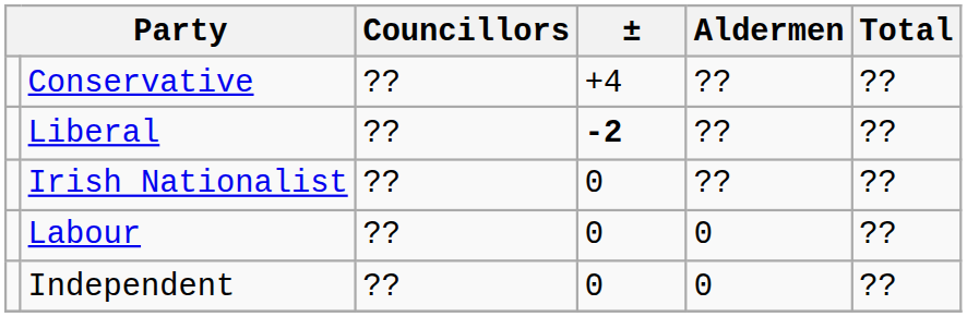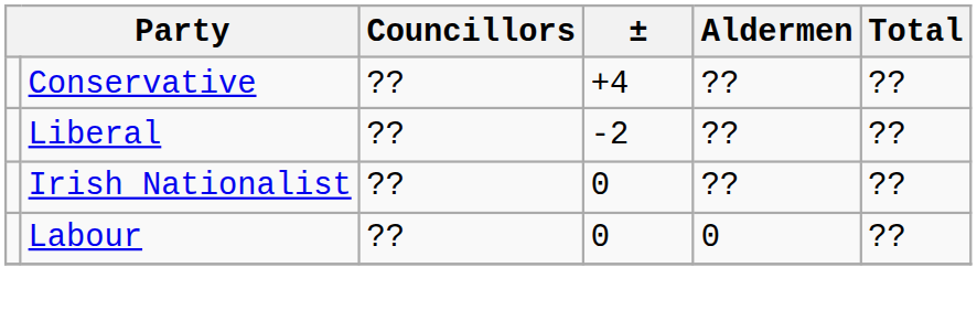 <table class="wikitable">
 <tr>
 <th colspan="2">Party</th>
 <th>Councillors</th>
 <th>  ±  </th>
 <th>Aldermen</th>
 <th>Total</th>
 </tr>
 <tr>
 <td style="background-color: "></td>
 <td><a href='#'>Conservative</a></td>
 <td>??</td>
 <td>+4</td>
 <td>??</td>
 <td>??</td>
 </tr>
 <tr>
 <td style="background-color: "></td>
 <td><a href='#'>Liberal</a></td>
 <td>??</td>
-<td><strong>-2</strong></td>
+<td>-2</td>
 <td>??</td>
 <td>??</td>
 </tr>
 <tr>
 <td style="background-color: "></td>
 <td><a href='#'>Irish Nationalist</a></td>
 <td>??</td>
 <td>0</td>
 <td>??</td>
 <td>??</td>
 </tr>
 <tr>
 <td style="background-color: "></td>
 <td><a href='#'>Labour</a></td>
 <td>??</td>
 <td>0</td>
 <td>0</td>
 <td>??</td>
 </tr>
 <tr>
-<td style="background-color: "></td>
-<td>Independent</td>
-<td>??</td>
-<td>0</td>
-<td>0</td>
-<td>??</td>
-</tr>
-<tr>
 </tr>
 </table>
